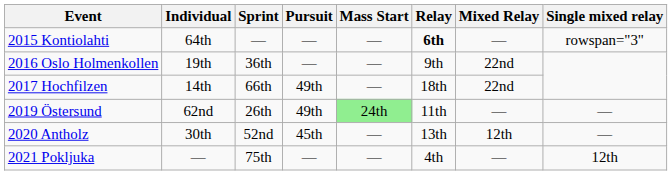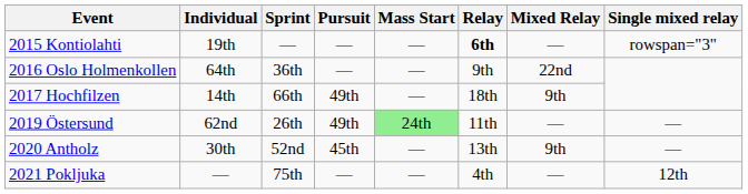 <table class="wikitable" style="text-align: center;">
 <tr>
 <th>Event</th>
 <th>Individual</th>
 <th>Sprint</th>
 <th>Pursuit</th>
 <th>Mass Start</th>
 <th>Relay</th>
 <th>Mixed Relay</th>
 <th>Single mixed relay</th>
 </tr>
 <tr>
 <td align=left> <a href='#'>2015 Kontiolahti</a></td>
-<td>64th</td>
+<td>19th</td>
 <td>—</td>
 <td>—</td>
 <td>—</td>
 <td><strong>6th</strong></td>
 <td>—</td>
 <td>rowspan="3" </td>
 </tr>
 <tr>
 <td align=left> <a href='#'>2016 Oslo Holmenkollen</a></td>
-<td>19th</td>
+<td>64th</td>
 <td>36th</td>
 <td>—</td>
 <td>—</td>
 <td>9th</td>
 <td>22nd</td>
 </tr>
 <tr>
 <td align=left> <a href='#'>2017 Hochfilzen</a></td>
 <td>14th</td>
 <td>66th</td>
 <td>49th</td>
 <td>—</td>
 <td>18th</td>
-<td>22nd</td>
+<td>9th</td>
 </tr>
 <tr>
 <td align=left> <a href='#'>2019 Östersund</a></td>
 <td>62nd</td>
 <td>26th</td>
 <td>49th</td>
 <td style="background: lightgreen;">24th</td>
 <td>11th</td>
 <td>—</td>
 <td>—</td>
 </tr>
 <tr>
 <td align=left> <a href='#'>2020 Antholz</a></td>
 <td>30th</td>
 <td>52nd</td>
 <td>45th</td>
 <td>—</td>
 <td>13th</td>
-<td>12th</td>
+<td>9th</td>
 <td>—</td>
 </tr>
 <tr>
 <td align=left> <a href='#'>2021 Pokljuka</a></td>
 <td>—</td>
 <td>75th</td>
 <td>—</td>
 <td>—</td>
 <td>4th</td>
 <td>—</td>
 <td>12th</td>
 </tr>
 </table>
